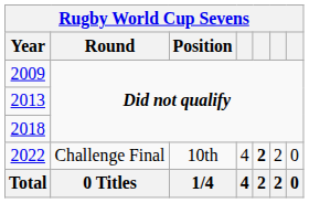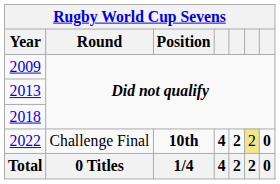 <table class="wikitable" style="text-align: center;">
 <tr>
 <th colspan=7><a href='#'>Rugby World Cup Sevens</a></th>
 </tr>
 <tr>
 <th>Year</th>
 <th>Round</th>
 <th>Position</th>
 <th></th>
 <th></th>
 <th></th>
 <th></th>
 </tr>
 <tr>
 <td> <a href='#'>2009</a></td>
 <td colspan="6" rowspan="3"><strong><em>Did not qualify</em></strong></td>
 </tr>
 <tr>
 <td> <a href='#'>2013</a></td>
 </tr>
 <tr>
 <td> <a href='#'>2018</a></td>
 </tr>
 <tr>
 <td> <a href='#'>2022</a></td>
 <td>Challenge Final</td>
-<td>10th</td>
-<td>4</td>
+<td><strong>10th</strong></td>
+<td><strong>4</strong></td>
 <td><strong>2</strong></td>
-<td>2</td>
-<td>0</td>
+<td style="background: khaki;">2</td>
+<td><strong>0</strong></td>
 </tr>
 <tr>
 <th>Total</th>
 <th>0 Titles</th>
 <th>1/4</th>
 <th>4</th>
 <th>2</th>
 <th>2</th>
 <th>0</th>
 </tr>
 </table>
